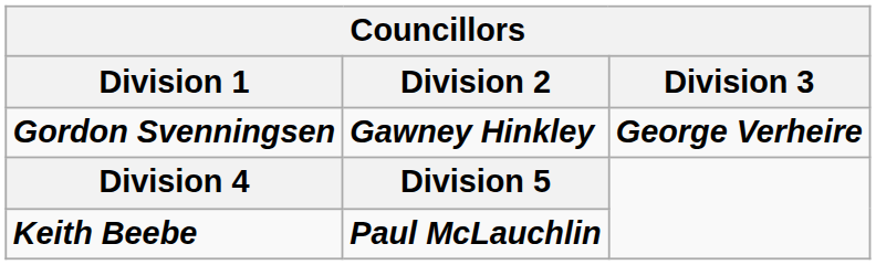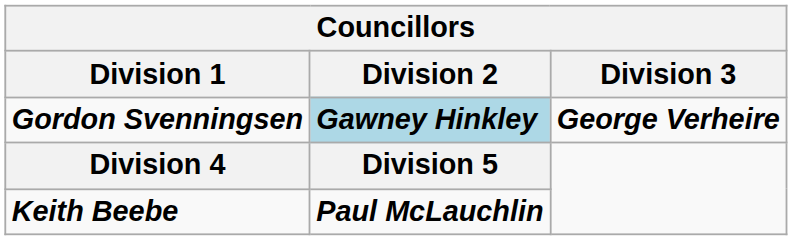 <table class="wikitable collapsible collapsed" align="right">
 <tr>
 <th colspan=3>Councillors</th>
 </tr>
 <tr>
 <th>Division 1</th>
 <th>Division 2</th>
 <th>Division 3</th>
 </tr>
 <tr>
 <td><strong><em>Gordon Svenningsen</em></strong></td>
-<td><strong><em>Gawney Hinkley</em></strong></td>
+<td style="background: lightblue;"><strong><em>Gawney Hinkley</em></strong></td>
 <td><strong><em>George Verheire</em></strong></td>
 </tr>
 <tr>
 <th>Division 4</th>
 <th>Division 5</th>
 </tr>
 <tr>
 <td><strong><em>Keith Beebe</em></strong></td>
 <td><strong><em>Paul McLauchlin</em></strong></td>
 </tr>
 </table>
